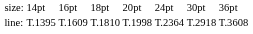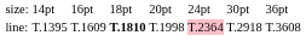 <table style="margin-left:40px;">
 <tr>
 <td>size:</td>
 <td>14pt</td>
 <td>16pt</td>
 <td>18pt</td>
 <td>20pt</td>
 <td>24pt</td>
 <td>30pt</td>
 <td>36pt</td>
 </tr>
 <tr>
 <td>line:</td>
 <td>T.1395</td>
 <td>T.1609</td>
-<td>T.1810</td>
+<td><strong>T.1810</strong></td>
 <td>T.1998</td>
-<td>T.2364</td>
+<td style="background: pink;">T.2364</td>
 <td>T.2918</td>
 <td>T.3608</td>
 </tr>
 </table>
